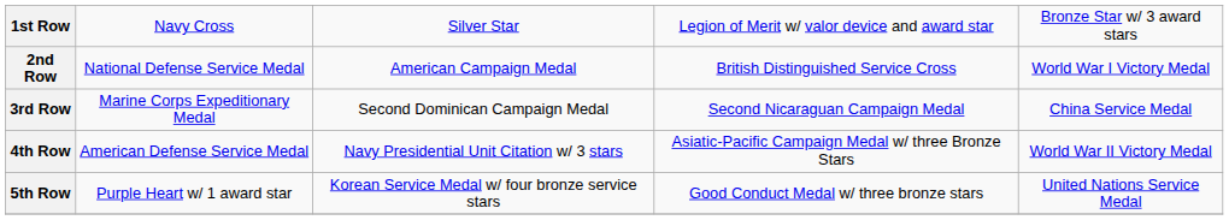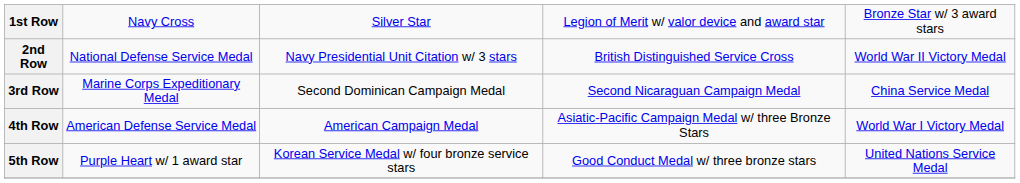 <table class="wikitable" style="margin:1em auto; text-align:center;">
 <tr>
 <th>1st Row</th>
 <td><a href='#'>Navy Cross</a></td>
 <td><a href='#'>Silver Star</a></td>
 <td><a href='#'>Legion of Merit</a> w/ <a href='#'>valor device</a> and <a href='#'>award star</a></td>
 <td><a href='#'>Bronze Star</a> w/ 3 award stars</td>
 </tr>
 <tr>
 <th>2nd Row</th>
 <td><a href='#'>National Defense Service Medal</a></td>
-<td><a href='#'>American Campaign Medal</a></td>
+<td><a href='#'>Navy Presidential Unit Citation</a> w/ 3 <a href='#'>stars</a></td>
 <td><a href='#'>British Distinguished Service Cross</a></td>
-<td><a href='#'>World War I Victory Medal</a></td>
+<td><a href='#'>World War II Victory Medal</a></td>
 </tr>
 <tr>
 <th>3rd Row</th>
 <td><a href='#'>Marine Corps Expeditionary Medal</a></td>
 <td>Second Dominican Campaign Medal</td>
 <td><a href='#'>Second Nicaraguan Campaign Medal</a></td>
 <td><a href='#'>China Service Medal</a></td>
 </tr>
 <tr>
 <th>4th Row</th>
 <td><a href='#'>American Defense Service Medal</a></td>
-<td><a href='#'>Navy Presidential Unit Citation</a> w/ 3 <a href='#'>stars</a></td>
+<td><a href='#'>American Campaign Medal</a></td>
 <td><a href='#'>Asiatic-Pacific Campaign Medal</a> w/ three Bronze Stars</td>
-<td><a href='#'>World War II Victory Medal</a></td>
+<td><a href='#'>World War I Victory Medal</a></td>
 </tr>
 <tr>
 <th>5th Row</th>
 <td><a href='#'>Purple Heart</a> w/ 1 award star</td>
 <td><a href='#'>Korean Service Medal</a> w/ four bronze service stars</td>
 <td><a href='#'>Good Conduct Medal</a> w/ three bronze stars</td>
 <td><a href='#'>United Nations Service Medal</a></td>
 </tr>
 <tr>
 </tr>
 </table>
